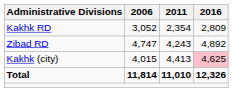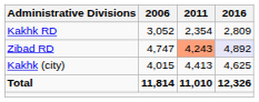 <table class="wikitable">
 <tr>
 <th>Administrative Divisions</th>
 <th>2006</th>
 <th>2011</th>
 <th>2016</th>
 </tr>
 <tr>
 <td><a href='#'>Kakhk RD</a></td>
 <td style="text-align: right;">3,052</td>
 <td style="text-align: right;">2,354</td>
 <td style="text-align: right;">2,809</td>
 </tr>
 <tr>
 <td><a href='#'>Zibad RD</a></td>
 <td style="text-align: right;">4,747</td>
-<td style="text-align: right;">4,243</td>
-<td style="text-align: right;">4,892</td>
+<td style="background: lightsalmon; text-align: right;">4,243</td>
+<td style="background: lavender; text-align: right;">4,892</td>
 </tr>
 <tr>
 <td><a href='#'>Kakhk</a> (city)</td>
 <td style="text-align: right;">4,015</td>
 <td style="text-align: right;">4,413</td>
-<td style="background: pink; text-align: right;">4,625</td>
+<td style="text-align: right;">4,625</td>
 </tr>
 <tr>
 <td><strong>Total</strong></td>
 <td style="text-align: right;"><strong>11,814</strong></td>
 <td style="text-align: right;"><strong>11,010</strong></td>
 <td style="text-align: right;"><strong>12,326</strong></td>
 </tr>
 <tr>
 <td colspan=4></td>
 </tr>
 </table>
